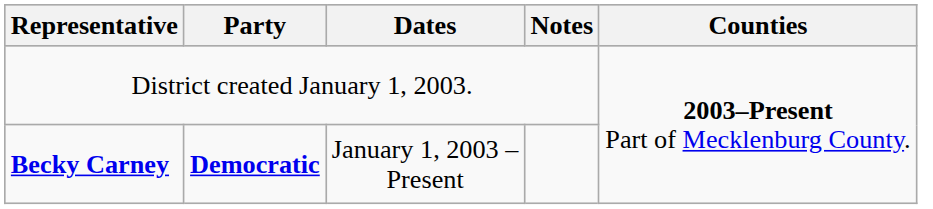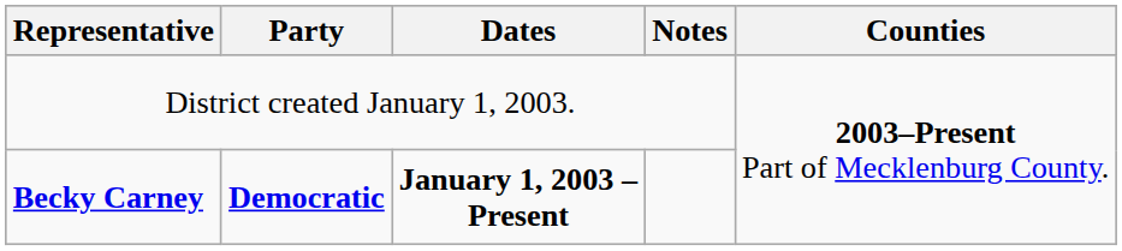 <table class=wikitable style="text-align:center">
 <tr>
 <th>Representative</th>
 <th>Party</th>
 <th>Dates</th>
 <th>Notes</th>
 <th>Counties</th>
 </tr>
 <tr style="height:3em">
 <td colspan=4>District created January 1, 2003.</td>
 <td rowspan=2><strong>2003–Present</strong> <br> Part of <a href='#'>Mecklenburg County</a>.</td>
 </tr>
 <tr style="height:3em">
 <td align=left><strong><a href='#'>Becky Carney</a></strong></td>
 <td><strong><a href='#'>Democratic</a></strong></td>
-<td nowrap>January 1, 2003 – <br> Present</td>
+<td nowrap><strong>January 1, 2003 – <br> Present</strong></td>
 <td></td>
 </tr>
 </table>
